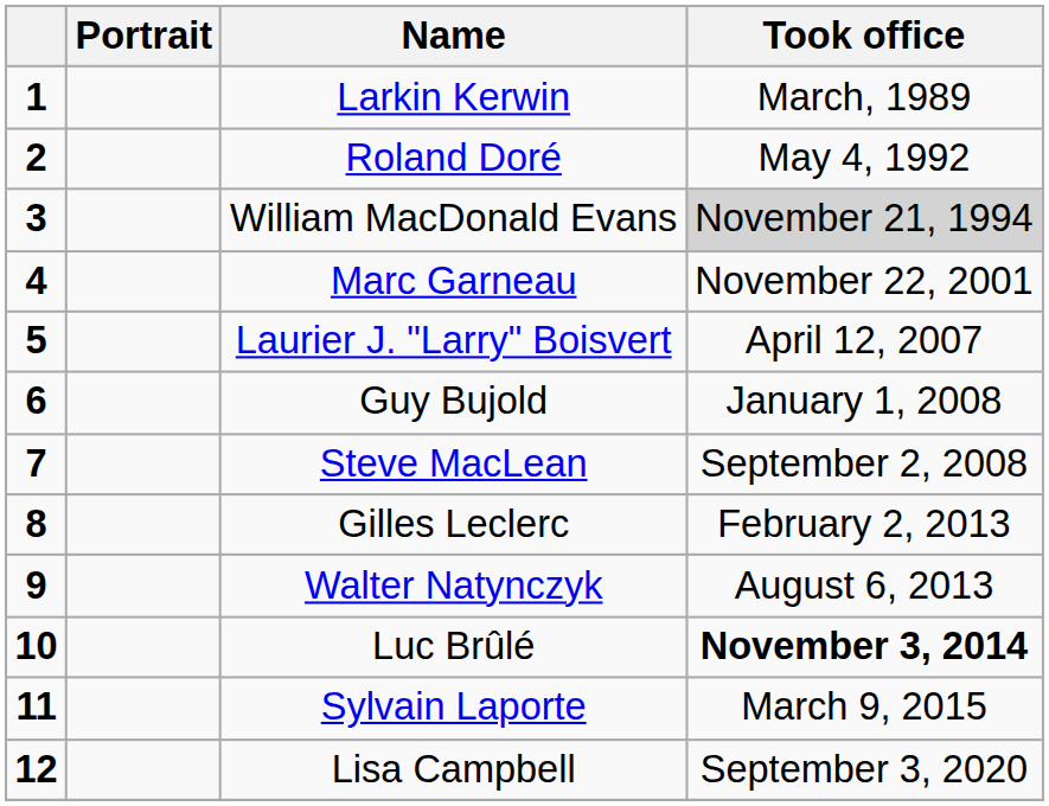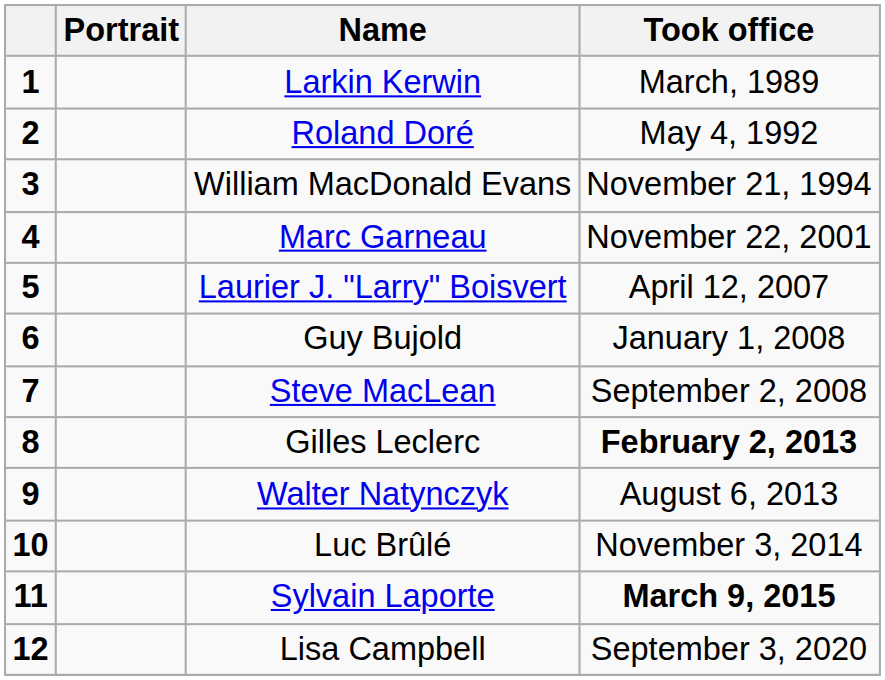 <table class="sortable wikitable" style="text-align:center">
 <tr style="background:#cccccc">
 <th></th>
 <th class="unsortable">Portrait</th>
 <th>Name</th>
 <th>Took office</th>
 </tr>
 <tr>
 <td><strong>1</strong></td>
 <td></td>
 <td><a href='#'>Larkin Kerwin</a></td>
 <td>March, 1989</td>
 </tr>
 <tr>
 <td><strong>2</strong></td>
 <td></td>
 <td><a href='#'>Roland Doré</a></td>
 <td>May 4, 1992</td>
 </tr>
 <tr>
 <td><strong>3</strong></td>
 <td></td>
 <td>William MacDonald Evans</td>
-<td style="background: lightgrey;">November 21, 1994</td>
+<td>November 21, 1994</td>
 </tr>
 <tr>
 <td><strong>4</strong></td>
 <td></td>
 <td><a href='#'>Marc Garneau</a></td>
 <td>November 22, 2001</td>
 </tr>
 <tr>
 <td><strong>5</strong></td>
 <td></td>
 <td><a href='#'>Laurier J. "Larry" Boisvert</a></td>
 <td>April 12, 2007</td>
 </tr>
 <tr>
 <td><strong>6</strong></td>
 <td></td>
 <td>Guy Bujold</td>
 <td>January 1, 2008</td>
 </tr>
 <tr>
 <td><strong>7</strong></td>
 <td></td>
 <td><a href='#'>Steve MacLean</a></td>
 <td>September 2, 2008</td>
 </tr>
 <tr>
 <td><strong>8</strong></td>
 <td></td>
 <td>Gilles Leclerc</td>
-<td>February 2, 2013</td>
+<td><strong>February 2, 2013</strong></td>
 </tr>
 <tr>
 <td><strong>9</strong></td>
 <td></td>
 <td><a href='#'>Walter Natynczyk</a></td>
 <td>August 6, 2013</td>
 </tr>
 <tr>
 <td><strong>10</strong></td>
 <td></td>
 <td>Luc Brûlé</td>
-<td><strong>November 3, 2014</strong></td>
+<td>November 3, 2014</td>
 </tr>
 <tr>
 <td><strong>11</strong></td>
 <td></td>
 <td><a href='#'>Sylvain Laporte</a></td>
-<td>March 9, 2015</td>
+<td><strong>March 9, 2015</strong></td>
 </tr>
 <tr>
 <td><strong>12</strong></td>
 <td></td>
 <td>Lisa Campbell</td>
 <td>September 3, 2020</td>
 </tr>
 <tr>
 </tr>
 </table>
